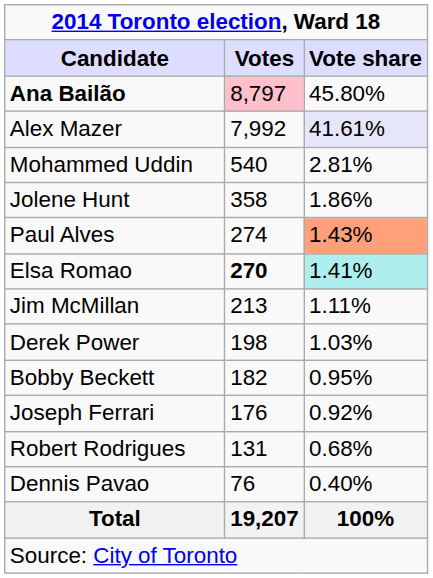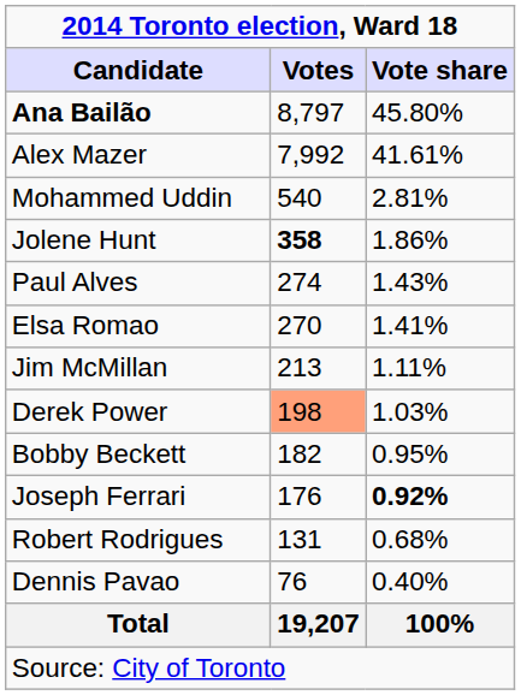 <table class="wikitable">
 <tr>
 <td Colspan="3" align="center"><strong><a href='#'>2014 Toronto election</a>, Ward 18</strong></td>
 </tr>
 <tr>
 <th scope="col" style="background:#ddf; width:150px;">Candidate</th>
 <th scope="col" style="background:#ddf;">Votes</th>
 <th scope="col" style="background:#ddf;">Vote share</th>
 </tr>
 <tr>
 <td><strong>Ana Bailão</strong></td>
-<td style="background: pink;">8,797</td>
+<td>8,797</td>
 <td>45.80%</td>
 </tr>
 <tr>
 <td>Alex Mazer</td>
 <td>7,992</td>
-<td style="background: lavender;">41.61%</td>
+<td>41.61%</td>
 </tr>
 <tr>
 <td>Mohammed Uddin</td>
 <td>540</td>
 <td>2.81%</td>
 </tr>
 <tr>
 <td>Jolene Hunt</td>
-<td>358</td>
+<td><strong>358</strong></td>
 <td>1.86%</td>
 </tr>
 <tr>
 <td>Paul Alves</td>
 <td>274</td>
-<td style="background: lightsalmon;">1.43%</td>
+<td>1.43%</td>
 </tr>
 <tr>
 <td>Elsa Romao</td>
-<td><strong>270</strong></td>
-<td style="background: paleturquoise;">1.41%</td>
+<td>270</td>
+<td>1.41%</td>
 </tr>
 <tr>
 <td>Jim McMillan</td>
 <td>213</td>
 <td>1.11%</td>
 </tr>
 <tr>
 <td>Derek Power</td>
-<td>198</td>
+<td style="background: lightsalmon;">198</td>
 <td>1.03%</td>
 </tr>
 <tr>
 <td>Bobby Beckett</td>
 <td>182</td>
 <td>0.95%</td>
 </tr>
 <tr>
 <td>Joseph Ferrari</td>
 <td>176</td>
-<td>0.92%</td>
+<td><strong>0.92%</strong></td>
 </tr>
 <tr>
 <td>Robert Rodrigues</td>
 <td>131</td>
 <td>0.68%</td>
 </tr>
 <tr>
 <td>Dennis Pavao</td>
 <td>76</td>
 <td>0.40%</td>
 </tr>
 <tr>
 <th>Total</th>
 <th>19,207</th>
 <th>100%</th>
 </tr>
 <tr>
 <td colspan="3">Source: <a href='#'>City of Toronto</a></td>
 </tr>
 </table>
